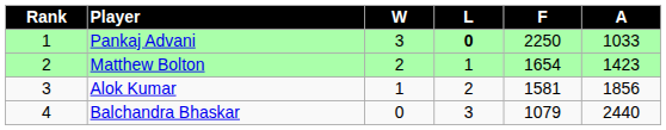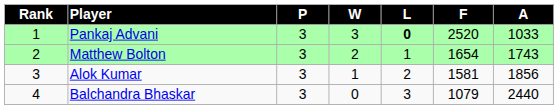 <table border="2" cellpadding="2" cellspacing="0" style="margin: 0; background: #f9f9f9; border: 1px #aaa solid; border-collapse: collapse; font-size: 100%;" width=50%>
 <tr>
 <th bgcolor="000000" style="color:white; text-align:center" width=5%>Rank</th>
 <th bgcolor="000000" style="color:white; text-align:left" width=20%>Player</th>
+<th bgcolor="000000" style="color:white; text-align:center" width=5%>P</th>
 <th bgcolor="000000" style="color:white; text-align:center" width=5%>W</th>
 <th bgcolor="000000" style="color:white; text-align:center" width=5%>L</th>
 <th bgcolor="000000" style="color:white; text-align:center" width=5%>F</th>
 <th bgcolor="000000" style="color:white; text-align:center" width=5%>A</th>
 </tr>
 <tr>
 <td style="text-align:center; background:#aaffaa">1</td>
 <td style="text-align:left; background:#aaffaa"> <a href='#'>Pankaj Advani</a></td>
 <td style="text-align:center; background:#aaffaa">3</td>
+<td style="text-align:center; background:#aaffaa">3</td>
 <td style="text-align:center; background:#aaffaa"><strong>0</strong></td>
-<td style="text-align:center; background:#aaffaa">2250</td>
+<td style="text-align:center; background:#aaffaa">2520</td>
 <td style="text-align:center; background:#aaffaa">1033</td>
 </tr>
 <tr>
 <td style="text-align:center; background:#aaffaa">2</td>
 <td style="text-align:left; background:#aaffaa"> <a href='#'>Matthew Bolton</a></td>
+<td style="text-align:center; background:#aaffaa">3</td>
 <td style="text-align:center; background:#aaffaa">2</td>
 <td style="text-align:center; background:#aaffaa">1</td>
 <td style="text-align:center; background:#aaffaa">1654</td>
-<td style="text-align:center; background:#aaffaa">1423</td>
+<td style="text-align:center; background:#aaffaa">1743</td>
 </tr>
 <tr>
 <td style="text-align:center">3</td>
 <td style="text-align:left;"> <a href='#'>Alok Kumar</a></td>
+<td style="text-align:center;">3</td>
 <td style="text-align:center;">1</td>
 <td style="text-align:center;">2</td>
 <td style="text-align:center;">1581</td>
 <td style="text-align:center;">1856</td>
 </tr>
 <tr>
 <td style="text-align:center">4</td>
 <td style="text-align:left;"> <a href='#'>Balchandra Bhaskar</a></td>
+<td style="text-align:center;">3</td>
 <td style="text-align:center;">0</td>
 <td style="text-align:center;">3</td>
 <td style="text-align:center;">1079</td>
 <td style="text-align:center;">2440</td>
 </tr>
 </table>
